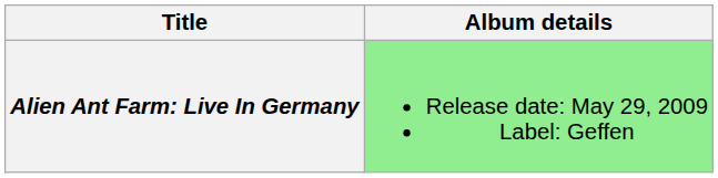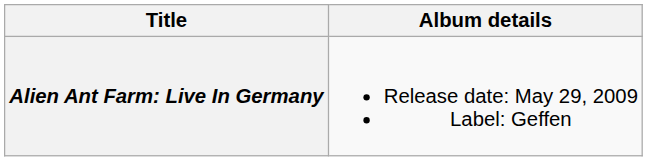 <table class="wikitable plainrowheaders" style="text-align:center;">
 <tr>
 <th>Title</th>
 <th>Album details</th>
 </tr>
 <tr>
 <th scope="row"><em>Alien Ant Farm: Live In Germany</em></th>
-<td style="background: lightgreen;"><br><ul><li>Release date: May 29, 2009</li><li>Label: Geffen</li></ul></td>
+<td><br><ul><li>Release date: May 29, 2009</li><li>Label: Geffen</li></ul></td>
 </tr>
 </table>
